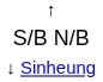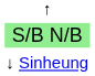 <table style="text-align:center;">
 <tr>
 <td><small>  ↑ </small></td>
 </tr>
 <tr>
-<td><span>S/B</span>   <span>N/B</span></td>
+<td style="background: lightgreen;"><span>S/B</span>   <span>N/B</span></td>
 </tr>
 <tr>
 <td><small> ↓ <a href='#'>Sinheung</a> </small></td>
 </tr>
 </table>
